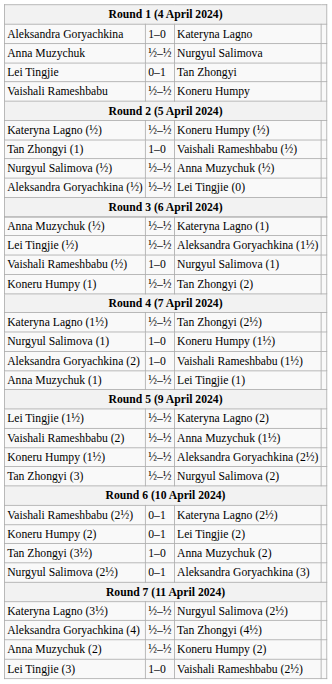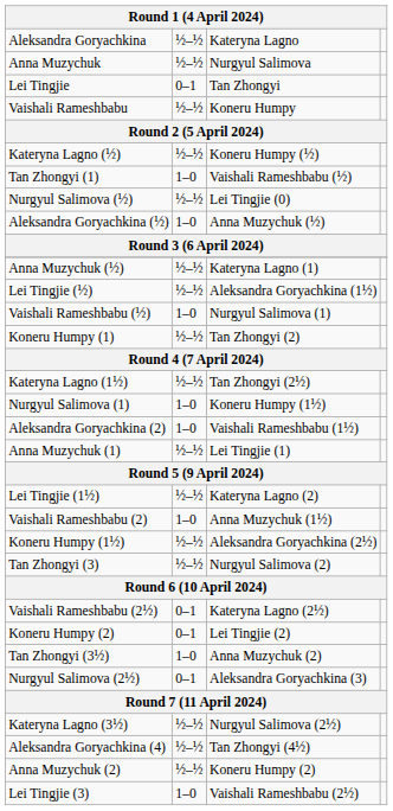 <table class="wikitable mw-collapsible" style="display:inline-table; font-size: 90%">
 <tr>
 <th colspan="4">Round 1 (4 April 2024)</th>
 </tr>
 <tr>
 <td>Aleksandra Goryachkina</td>
-<td>1–0</td>
+<td>½–½</td>
 <td>Kateryna Lagno</td>
 <td></td>
 </tr>
 <tr>
 <td>Anna Muzychuk</td>
 <td>½–½</td>
 <td>Nurgyul Salimova</td>
 <td></td>
 </tr>
 <tr>
 <td>Lei Tingjie</td>
 <td>0–1</td>
 <td>Tan Zhongyi</td>
 <td></td>
 </tr>
 <tr>
 <td>Vaishali Rameshbabu</td>
 <td>½–½</td>
 <td>Koneru Humpy</td>
 <td></td>
 </tr>
 <tr>
 <th colspan="4">Round 2 (5 April 2024)</th>
 </tr>
 <tr>
 <td>Kateryna Lagno (½)</td>
 <td>½–½</td>
 <td>Koneru Humpy (½)</td>
 <td></td>
 </tr>
 <tr>
 <td>Tan Zhongyi (1)</td>
 <td>1–0</td>
 <td>Vaishali Rameshbabu (½)</td>
 <td></td>
 </tr>
 <tr>
 <td>Nurgyul Salimova (½)</td>
 <td>½–½</td>
-<td>Anna Muzychuk (½)</td>
+<td>Lei Tingjie (0)</td>
 <td></td>
 </tr>
 <tr>
 <td>Aleksandra Goryachkina (½)</td>
-<td>½–½</td>
-<td>Lei Tingjie (0)</td>
+<td>1–0</td>
+<td>Anna Muzychuk (½)</td>
 <td></td>
 </tr>
 <tr>
 <th colspan="4">Round 3 (6 April 2024)</th>
 </tr>
 <tr>
 </tr>
 <tr>
 <td>Anna Muzychuk (½)</td>
 <td>½–½</td>
 <td>Kateryna Lagno (1)</td>
 <td></td>
 </tr>
 <tr>
 <td>Lei Tingjie (½)</td>
 <td>½–½</td>
 <td>Aleksandra Goryachkina (1½)</td>
 <td></td>
 </tr>
 <tr>
 <td>Vaishali Rameshbabu (½)</td>
 <td>1–0</td>
 <td>Nurgyul Salimova (1)</td>
 <td></td>
 </tr>
 <tr>
 <td>Koneru Humpy (1)</td>
 <td>½–½</td>
 <td>Tan Zhongyi (2)</td>
 <td></td>
 </tr>
 <tr>
 <th colspan="4">Round 4 (7 April 2024)</th>
 </tr>
 <tr>
 <td>Kateryna Lagno (1½)</td>
 <td>½–½</td>
 <td>Tan Zhongyi (2½)</td>
 <td></td>
 </tr>
 <tr>
 <td>Nurgyul Salimova (1)</td>
 <td>1–0</td>
 <td>Koneru Humpy (1½)</td>
 <td></td>
 </tr>
 <tr>
 <td>Aleksandra Goryachkina (2)</td>
 <td>1–0</td>
 <td>Vaishali Rameshbabu (1½)</td>
 <td></td>
 </tr>
 <tr>
 <td>Anna Muzychuk (1)</td>
 <td>½–½</td>
 <td>Lei Tingjie (1)</td>
 <td></td>
 </tr>
 <tr>
 <th colspan="4">Round 5 (9 April 2024)</th>
 </tr>
 <tr>
 <td>Lei Tingjie (1½)</td>
 <td>½–½</td>
 <td>Kateryna Lagno (2)</td>
 <td></td>
 </tr>
 <tr>
 <td>Vaishali Rameshbabu (2)</td>
-<td>½–½</td>
+<td>1–0</td>
 <td>Anna Muzychuk (1½)</td>
 <td></td>
 </tr>
 <tr>
 <td>Koneru Humpy (1½)</td>
 <td>½–½</td>
 <td>Aleksandra Goryachkina (2½)</td>
 <td></td>
 </tr>
 <tr>
 <td>Tan Zhongyi (3)</td>
 <td>½–½</td>
 <td>Nurgyul Salimova (2)</td>
 <td></td>
 </tr>
 <tr>
 <th colspan="4">Round 6 (10 April 2024)</th>
 </tr>
 <tr>
 <td>Vaishali Rameshbabu (2½)</td>
 <td>0–1</td>
 <td>Kateryna Lagno (2½)</td>
 <td></td>
 </tr>
 <tr>
 <td>Koneru Humpy (2)</td>
 <td>0–1</td>
 <td>Lei Tingjie (2)</td>
 <td></td>
 </tr>
 <tr>
 <td>Tan Zhongyi (3½)</td>
 <td>1–0</td>
 <td>Anna Muzychuk (2)</td>
 <td></td>
 </tr>
 <tr>
 <td>Nurgyul Salimova (2½)</td>
 <td>0–1</td>
 <td>Aleksandra Goryachkina (3)</td>
 <td></td>
 </tr>
 <tr>
 <th colspan="4">Round 7 (11 April 2024)</th>
 </tr>
 <tr>
 <td>Kateryna Lagno (3½)</td>
 <td>½–½</td>
 <td>Nurgyul Salimova (2½)</td>
 <td></td>
 </tr>
 <tr>
 <td>Aleksandra Goryachkina (4)</td>
 <td>½–½</td>
 <td>Tan Zhongyi (4½)</td>
 <td></td>
 </tr>
 <tr>
 <td>Anna Muzychuk (2)</td>
 <td>½–½</td>
 <td>Koneru Humpy (2)</td>
 <td></td>
 </tr>
 <tr>
 <td>Lei Tingjie (3)</td>
 <td>1–0</td>
 <td>Vaishali Rameshbabu (2½)</td>
 <td></td>
 </tr>
 </table>
